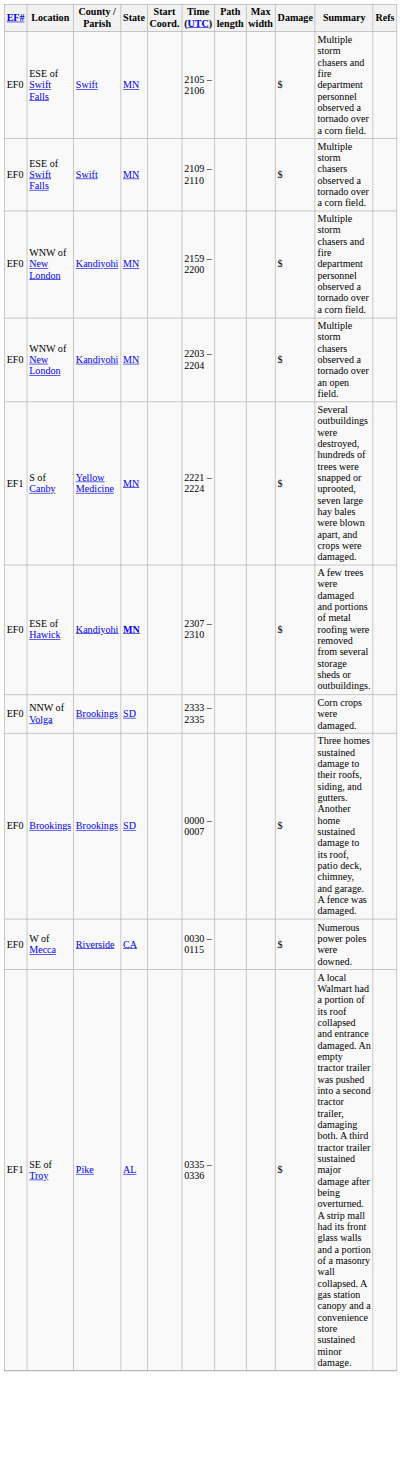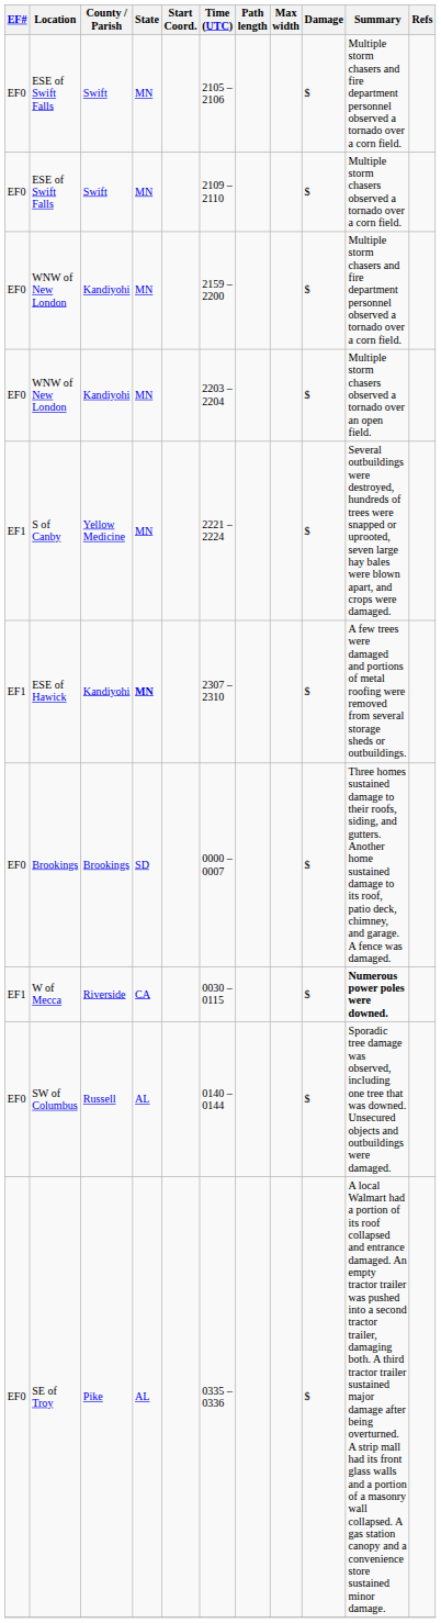 <table class="wikitable sortable" style="width:100%;">
 <tr>
 <th scope="col" width="3%" align="center"><a href='#'>EF#</a></th>
 <th scope="col" width="7%" align="center" class="unsortable">Location</th>
 <th scope="col" width="6%" align="center" class="unsortable">County / Parish</th>
 <th scope="col" width="5%" align="center">State</th>
 <th scope="col" width="6%" align="center">Start Coord.</th>
 <th scope="col" width="6%" align="center">Time (<a href='#'>UTC</a>)</th>
 <th scope="col" width="6%" align="center">Path length</th>
 <th scope="col" width="6%" align="center">Max width</th>
 <th scope="col" width="6%" align="center">Damage</th>
 <th scope="col" width="48%" class="unsortable" align="center">Summary</th>
 <th scope="col" width="48%" class="unsortable" align="center">Refs</th>
 </tr>
 <tr>
 <td>EF0</td>
 <td>ESE of <a href='#'>Swift Falls</a></td>
 <td><a href='#'>Swift</a></td>
 <td><a href='#'>MN</a></td>
 <td></td>
 <td>2105 – 2106</td>
 <td></td>
 <td></td>
 <td>$</td>
 <td>Multiple storm chasers and fire department personnel observed a tornado over a corn field.</td>
 <td></td>
 </tr>
 <tr>
 <td>EF0</td>
 <td>ESE of <a href='#'>Swift Falls</a></td>
 <td><a href='#'>Swift</a></td>
 <td><a href='#'>MN</a></td>
 <td></td>
 <td>2109 – 2110</td>
 <td></td>
 <td></td>
 <td>$</td>
 <td>Multiple storm chasers observed a tornado over a corn field.</td>
 <td></td>
 </tr>
 <tr>
 <td>EF0</td>
 <td>WNW of <a href='#'>New London</a></td>
 <td><a href='#'>Kandiyohi</a></td>
 <td><a href='#'>MN</a></td>
 <td></td>
 <td>2159 – 2200</td>
 <td></td>
 <td></td>
 <td>$</td>
 <td>Multiple storm chasers and fire department personnel observed a tornado over a corn field.</td>
 <td></td>
 </tr>
 <tr>
 <td>EF0</td>
 <td>WNW of <a href='#'>New London</a></td>
 <td><a href='#'>Kandiyohi</a></td>
 <td><a href='#'>MN</a></td>
 <td></td>
 <td>2203 – 2204</td>
 <td></td>
 <td></td>
 <td>$</td>
 <td>Multiple storm chasers observed a tornado over an open field.</td>
 <td></td>
 </tr>
 <tr>
 <td>EF1</td>
 <td>S of <a href='#'>Canby</a></td>
 <td><a href='#'>Yellow Medicine</a></td>
 <td><a href='#'>MN</a></td>
 <td></td>
 <td>2221 – 2224</td>
 <td></td>
 <td></td>
 <td>$</td>
 <td>Several outbuildings were destroyed, hundreds of trees were snapped or uprooted, seven large hay bales were blown apart, and crops were damaged.</td>
 <td></td>
 </tr>
 <tr>
-<td>EF0</td>
+<td>EF1</td>
 <td>ESE of <a href='#'>Hawick</a></td>
 <td><a href='#'>Kandiyohi</a></td>
 <td><strong><a href='#'>MN</a></strong></td>
 <td></td>
 <td>2307 – 2310</td>
 <td></td>
 <td></td>
 <td>$</td>
 <td>A few trees were damaged and portions of metal roofing were removed from several storage sheds or outbuildings.</td>
-<td></td>
-</tr>
-<tr>
-<td>EF0</td>
-<td>NNW of <a href='#'>Volga</a></td>
-<td><a href='#'>Brookings</a></td>
-<td><a href='#'>SD</a></td>
-<td></td>
-<td>2333 – 2335</td>
-<td></td>
-<td></td>
-<td></td>
-<td>Corn crops were damaged.</td>
 <td></td>
 </tr>
 <tr>
 <td>EF0</td>
 <td><a href='#'>Brookings</a></td>
 <td><a href='#'>Brookings</a></td>
 <td><a href='#'>SD</a></td>
 <td></td>
 <td>0000 – 0007</td>
 <td></td>
 <td></td>
 <td>$</td>
 <td>Three homes sustained damage to their roofs, siding, and gutters. Another home sustained damage to its roof, patio deck, chimney, and garage. A fence was damaged.</td>
 <td></td>
 </tr>
 <tr>
-<td>EF0</td>
+<td>EF1</td>
 <td>W of <a href='#'>Mecca</a></td>
 <td><a href='#'>Riverside</a></td>
 <td><a href='#'>CA</a></td>
 <td></td>
 <td>0030 – 0115</td>
 <td></td>
 <td></td>
 <td>$</td>
-<td>Numerous power poles were downed.</td>
+<td><strong>Numerous power poles were downed.</strong></td>
 <td></td>
 </tr>
 <tr>
-<td>EF1</td>
+<td>EF0</td>
+<td>SW of <a href='#'>Columbus</a></td>
+<td><a href='#'>Russell</a></td>
+<td><a href='#'>AL</a></td>
+<td></td>
+<td>0140 – 0144</td>
+<td></td>
+<td></td>
+<td>$</td>
+<td>Sporadic tree damage was observed, including one tree that was downed. Unsecured objects and outbuildings were damaged.</td>
+<td></td>
+</tr>
+<tr>
+<td>EF0</td>
 <td>SE of <a href='#'>Troy</a></td>
 <td><a href='#'>Pike</a></td>
 <td><a href='#'>AL</a></td>
 <td></td>
 <td>0335 – 0336</td>
 <td></td>
 <td></td>
 <td>$</td>
 <td>A local Walmart had a portion of its roof collapsed and entrance damaged. An empty tractor trailer was pushed  into a second tractor trailer, damaging both. A third tractor trailer sustained major damage after being overturned. A strip mall had its front glass walls and a portion of a masonry wall collapsed. A gas station canopy and a convenience store sustained minor damage.</td>
 <td></td>
 </tr>
 <tr>
 </tr>
 </table>
